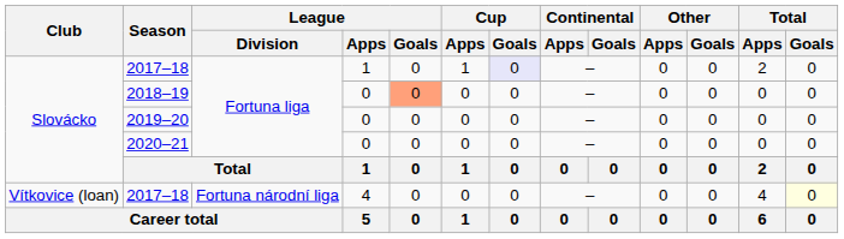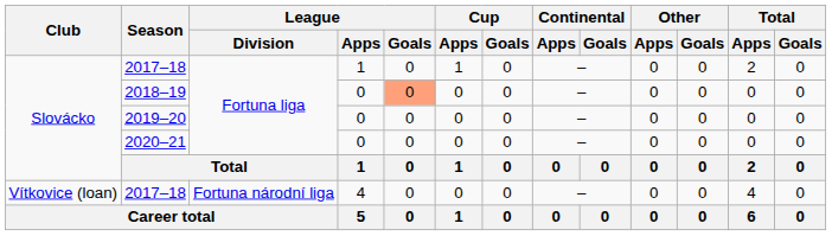 <table class="wikitable" style="text-align: center">
 <tr>
 <th rowspan="2">Club</th>
 <th rowspan="2">Season</th>
 <th colspan="3">League</th>
 <th colspan="2">Cup</th>
 <th colspan="2">Continental</th>
 <th colspan="2">Other</th>
 <th colspan="2">Total</th>
 </tr>
 <tr>
 <th>Division</th>
 <th>Apps</th>
 <th>Goals</th>
 <th>Apps</th>
 <th>Goals</th>
 <th>Apps</th>
 <th>Goals</th>
 <th>Apps</th>
 <th>Goals</th>
 <th>Apps</th>
 <th>Goals</th>
 </tr>
 <tr>
 <td rowspan="5"><a href='#'>Slovácko</a></td>
 <td><a href='#'>2017–18</a></td>
 <td rowspan="4"><a href='#'>Fortuna liga</a></td>
 <td>1</td>
 <td>0</td>
 <td>1</td>
-<td style="background: lavender;">0</td>
+<td>0</td>
 <td colspan="2">–</td>
 <td>0</td>
 <td>0</td>
 <td>2</td>
 <td>0</td>
 </tr>
 <tr>
 <td><a href='#'>2018–19</a></td>
 <td>0</td>
 <td style="background: lightsalmon;">0</td>
 <td>0</td>
 <td>0</td>
 <td colspan="2">–</td>
 <td>0</td>
 <td>0</td>
 <td>0</td>
 <td>0</td>
 </tr>
 <tr>
 <td><a href='#'>2019–20</a></td>
 <td>0</td>
 <td>0</td>
 <td>0</td>
 <td>0</td>
 <td colspan="2">–</td>
 <td>0</td>
 <td>0</td>
 <td>0</td>
 <td>0</td>
 </tr>
 <tr>
 <td><a href='#'>2020–21</a></td>
 <td>0</td>
 <td>0</td>
 <td>0</td>
 <td>0</td>
 <td colspan="2">–</td>
 <td>0</td>
 <td>0</td>
 <td>0</td>
 <td>0</td>
 </tr>
 <tr>
 <th colspan="2"><strong>Total</strong></th>
 <th>1</th>
 <th>0</th>
 <th>1</th>
 <th>0</th>
 <th>0</th>
 <th>0</th>
 <th>0</th>
 <th>0</th>
 <th>2</th>
 <th>0</th>
 </tr>
 <tr>
 <td><a href='#'>Vítkovice</a> (loan)</td>
 <td><a href='#'>2017–18</a></td>
 <td><a href='#'>Fortuna národní liga</a></td>
 <td>4</td>
 <td>0</td>
 <td>0</td>
 <td>0</td>
 <td colspan="2">–</td>
 <td>0</td>
 <td>0</td>
 <td>4</td>
-<td style="background: lightyellow;">0</td>
+<td>0</td>
 </tr>
 <tr>
 <th colspan="3"><strong>Career total</strong></th>
 <th>5</th>
 <th>0</th>
 <th>1</th>
 <th>0</th>
 <th>0</th>
 <th>0</th>
 <th>0</th>
 <th>0</th>
 <th>6</th>
 <th>0</th>
 </tr>
 </table>
